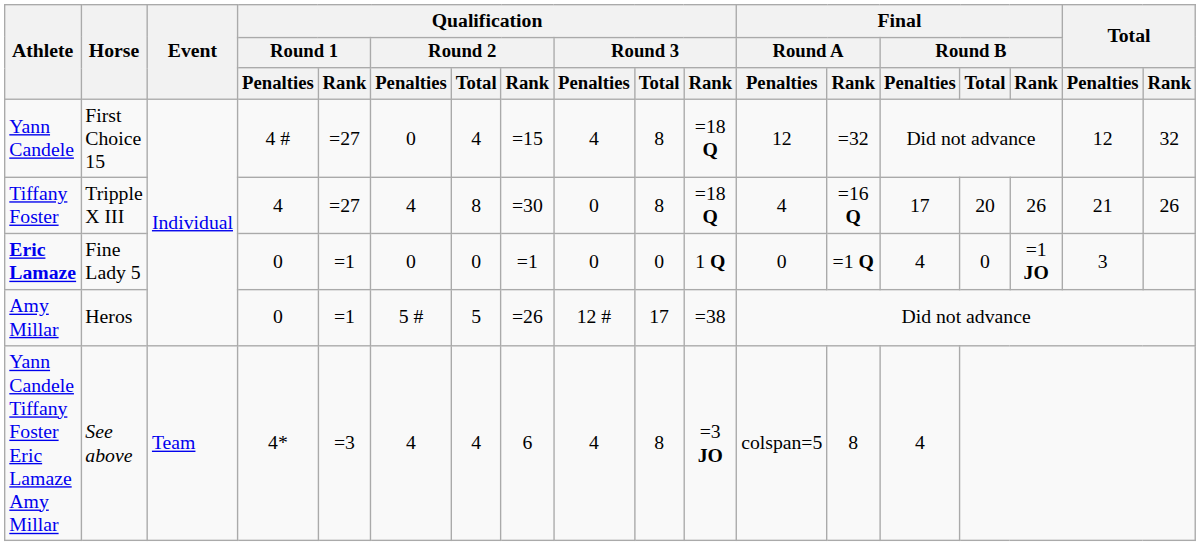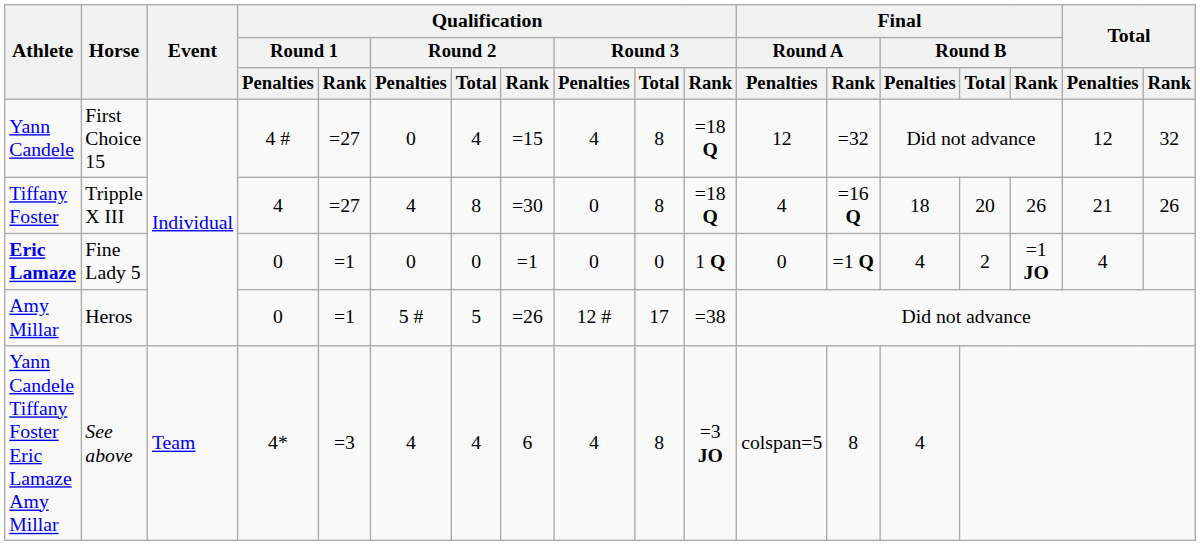 <table class="wikitable" style="font-size:90%">
 <tr>
 <th rowspan="3">Athlete</th>
 <th rowspan="3">Horse</th>
 <th rowspan="3">Event</th>
 <th colspan="8">Qualification</th>
 <th colspan="5">Final</th>
 <th rowspan=2 colspan="2">Total</th>
 </tr>
 <tr style="font-size:95%">
 <th colspan="2">Round 1</th>
 <th colspan="3">Round 2</th>
 <th colspan="3">Round 3</th>
 <th colspan="2">Round A</th>
 <th colspan="3">Round B</th>
 </tr>
 <tr style="font-size:95%">
 <th>Penalties</th>
 <th>Rank</th>
 <th>Penalties</th>
 <th>Total</th>
 <th>Rank</th>
 <th>Penalties</th>
 <th>Total</th>
 <th>Rank</th>
 <th>Penalties</th>
 <th>Rank</th>
 <th>Penalties</th>
 <th>Total</th>
 <th>Rank</th>
 <th>Penalties</th>
 <th>Rank</th>
 </tr>
 <tr align=center>
 <td align=left><a href='#'>Yann Candele</a></td>
 <td align=left>First Choice 15</td>
 <td align=left rowspan=4><a href='#'>Individual</a></td>
 <td>4 #</td>
 <td>=27</td>
 <td>0</td>
 <td>4</td>
 <td>=15</td>
 <td>4</td>
 <td>8</td>
 <td>=18 <strong>Q</strong></td>
 <td>12</td>
 <td>=32</td>
 <td colspan=3>Did not advance</td>
 <td>12</td>
 <td>32</td>
 </tr>
 <tr align=center>
 <td align=left><a href='#'>Tiffany Foster</a></td>
 <td align=left>Tripple X III</td>
 <td>4</td>
 <td>=27</td>
 <td>4</td>
 <td>8</td>
 <td>=30</td>
 <td>0</td>
 <td>8</td>
 <td>=18 <strong>Q</strong></td>
 <td>4</td>
 <td>=16 <strong>Q</strong></td>
-<td>17</td>
+<td>18</td>
 <td>20</td>
 <td>26</td>
 <td>21</td>
 <td>26</td>
 </tr>
 <tr align=center>
 <td align=left><strong><a href='#'>Eric Lamaze</a></strong></td>
 <td align=left>Fine Lady 5</td>
 <td>0</td>
 <td>=1</td>
 <td>0</td>
 <td>0</td>
 <td>=1</td>
 <td>0</td>
 <td>0</td>
 <td>1 <strong>Q</strong></td>
 <td>0</td>
 <td>=1 <strong>Q</strong></td>
 <td>4</td>
-<td>0</td>
+<td>2</td>
 <td>=1 <strong>JO</strong></td>
-<td>3</td>
+<td>4</td>
 <td></td>
 </tr>
 <tr align=center>
 <td align=left><a href='#'>Amy Millar</a></td>
 <td align=left>Heros</td>
 <td>0</td>
 <td>=1</td>
 <td>5 #</td>
 <td>5</td>
 <td>=26</td>
 <td>12 #</td>
 <td>17</td>
 <td>=38</td>
 <td colspan=7>Did not advance</td>
 </tr>
 <tr align=center>
 <td align=left><a href='#'>Yann Candele</a><br><a href='#'>Tiffany Foster</a><br><a href='#'>Eric Lamaze</a><br><a href='#'>Amy Millar</a></td>
 <td align=left><em>See above</em></td>
 <td align=left><a href='#'>Team</a></td>
 <td>4*</td>
 <td>=3</td>
 <td>4</td>
 <td>4</td>
 <td>6</td>
 <td>4</td>
 <td>8</td>
 <td>=3 <strong>JO</strong></td>
 <td>colspan=5 </td>
 <td>8</td>
 <td>4</td>
 </tr>
 </table>
